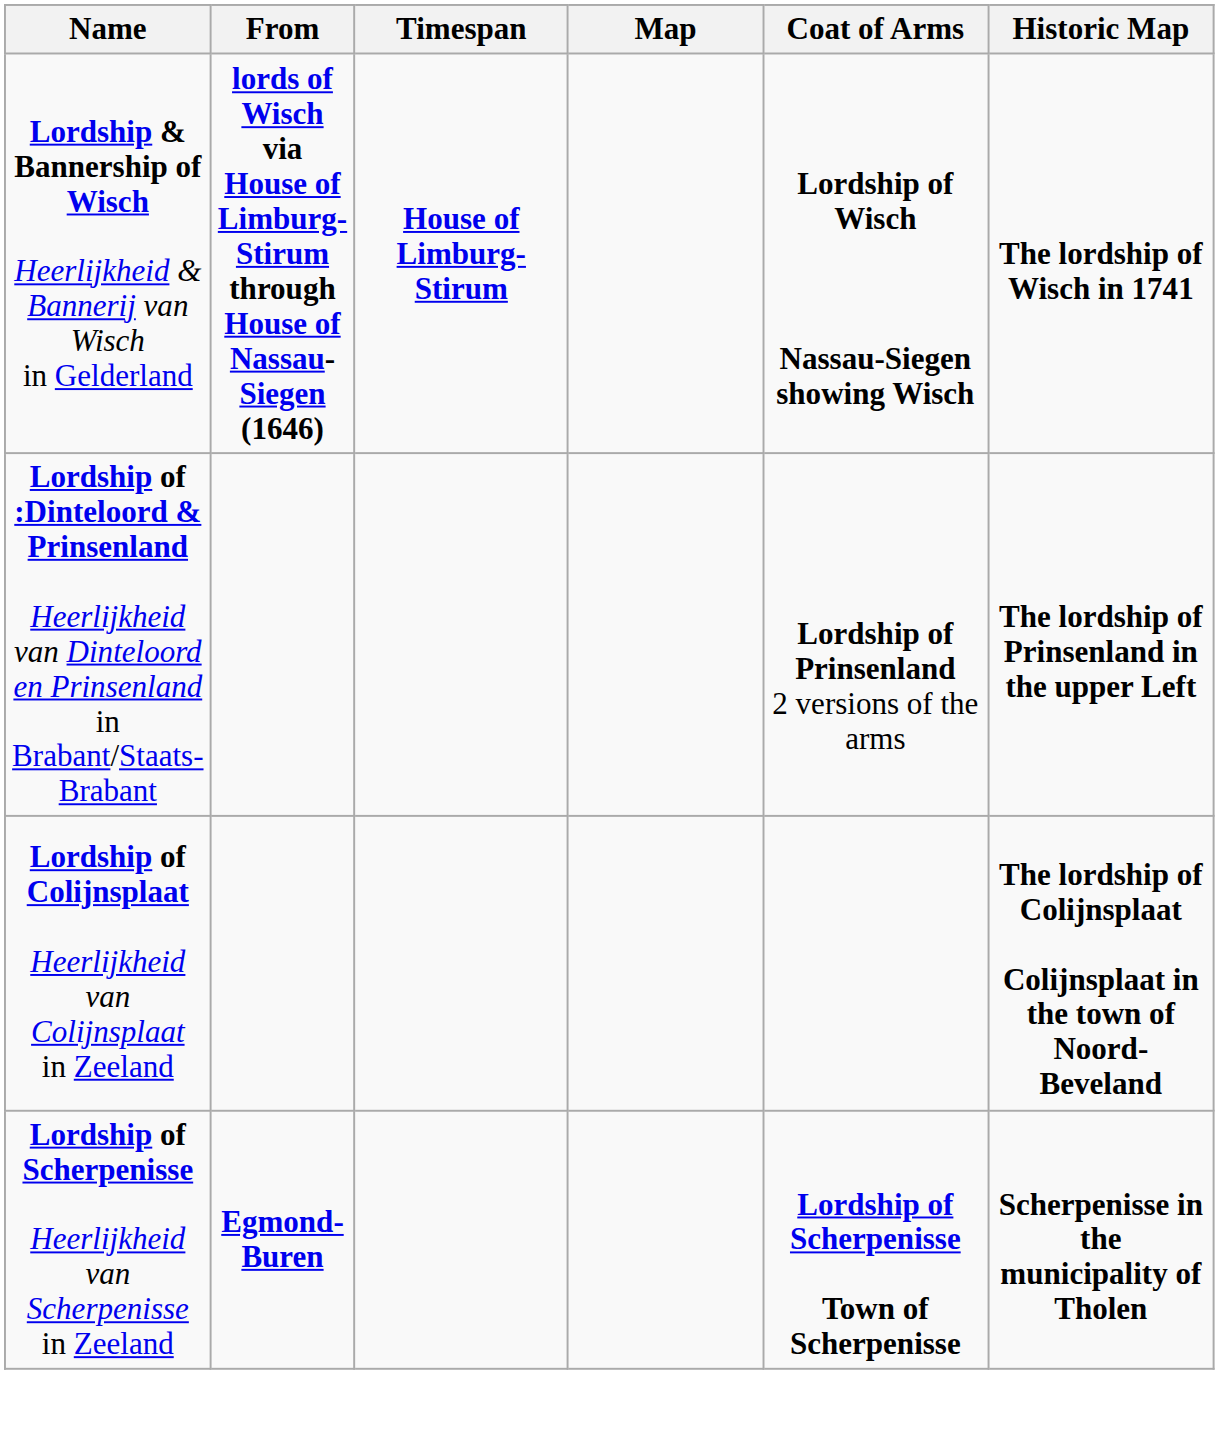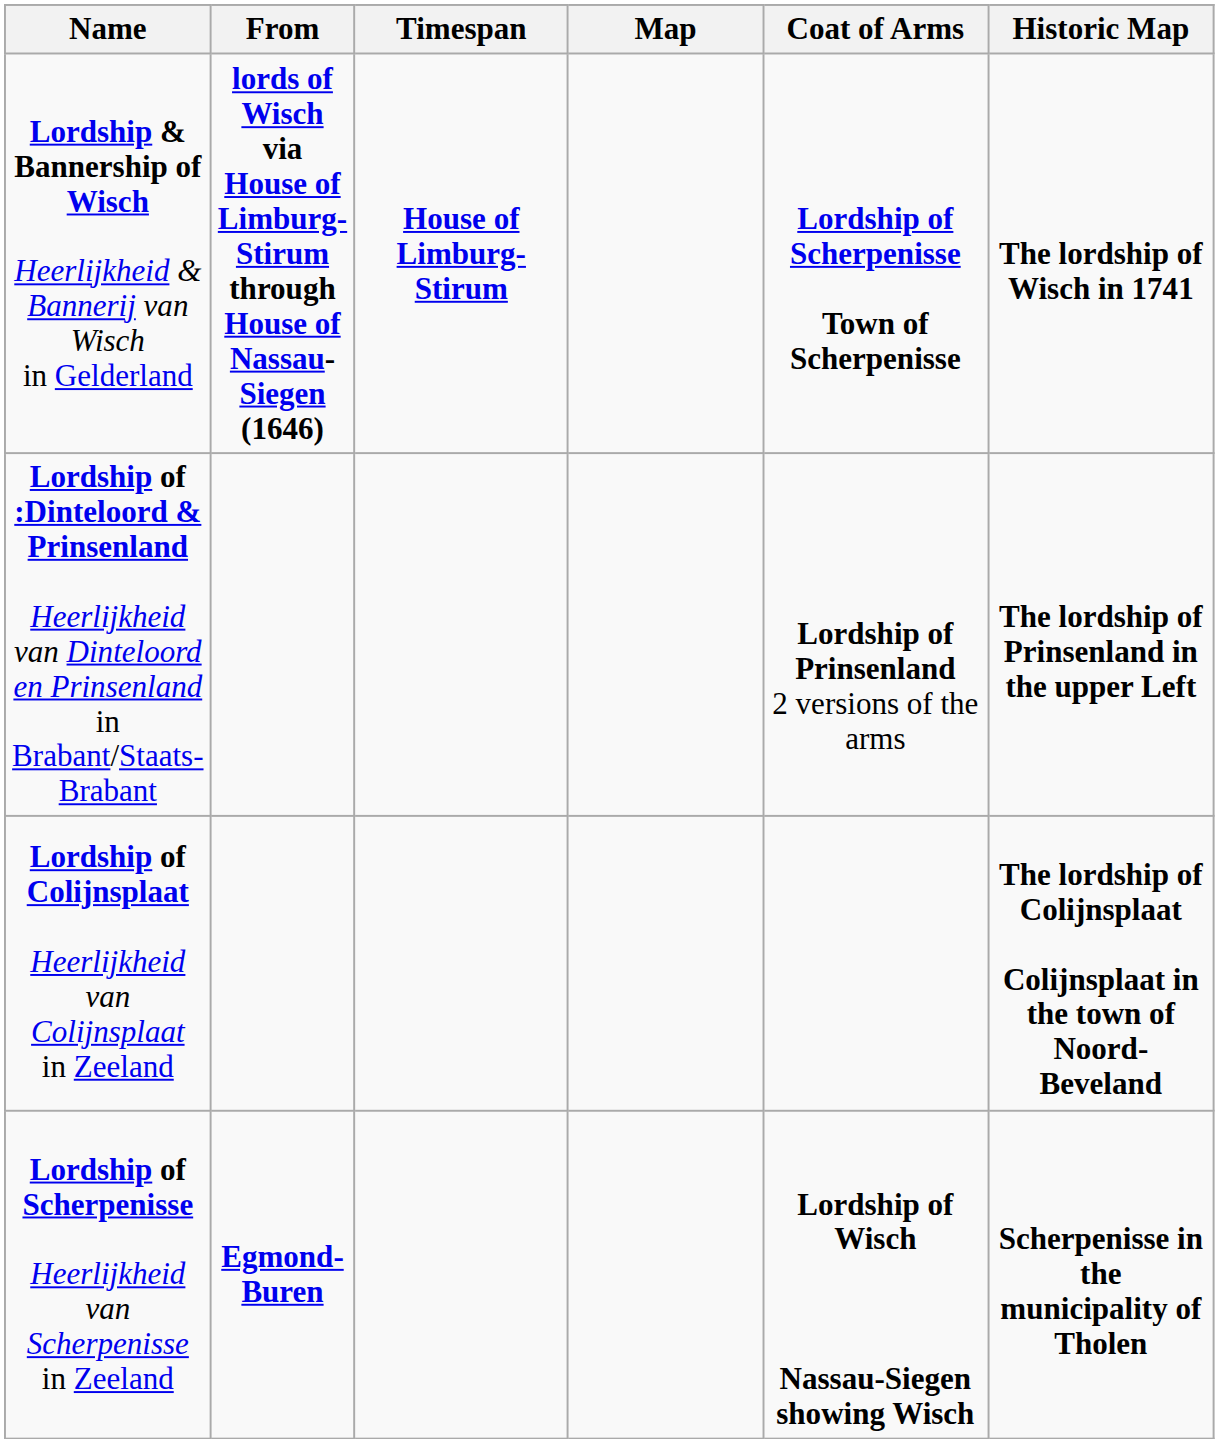 <table class="wikitable" style="text-align:center; width:100%">
 <tr>
 <th width=10%>Name</th>
 <th width=10%>From</th>
 <th width=20%>Timespan</th>
 <th width=20%>Map</th>
 <th width=20%>Coat of Arms</th>
 <th width=20%>Historic Map</th>
 </tr>
 <tr>
 <td><strong><a href='#'>Lordship</a> & Bannership of <a href='#'>Wisch</a></strong><br><br><em><a href='#'>Heerlijkheid</a> & <a href='#'>Bannerij</a> van Wisch</em><br>in <a href='#'>Gelderland</a></td>
 <td><strong><a href='#'>lords of Wisch</a> via <a href='#'>House of Limburg-Stirum</a> through <a href='#'>House of Nassau</a>-<a href='#'>Siegen</a> (1646)</strong></td>
 <td><strong><a href='#'>House of Limburg-Stirum</a></strong><br></td>
 <td></td>
-<td><br><br><strong>Lordship of Wisch</strong><br><br> <br><br><strong>Nassau-Siegen showing Wisch</strong></td>
+<td><br><br><strong><a href='#'>Lordship of Scherpenisse</a></strong><br><br><strong>Town of Scherpenisse</strong></td>
 <td><br><strong>The lordship of Wisch in 1741</strong><br></td>
 </tr>
 <tr>
 <td><strong><a href='#'>Lordship</a> of <a href='#'>:Dinteloord & Prinsenland</a></strong><br><br><em><a href='#'>Heerlijkheid</a> van <a href='#'>Dinteloord en Prinsenland</a></em><br>in <a href='#'>Brabant</a>/<a href='#'>Staats-Brabant</a></td>
 <td></td>
 <td><br><br></td>
 <td></td>
 <td><br><br><br><strong>Lordship of Prinsenland</strong><br> 2 versions of the arms</td>
 <td><br><strong>The lordship of Prinsenland in the upper Left</strong></td>
 </tr>
 <tr>
 <td><strong><a href='#'>Lordship</a> of <a href='#'>Colijnsplaat</a></strong><br><br><em><a href='#'>Heerlijkheid</a> van <a href='#'>Colijnsplaat</a></em><br>in <a href='#'>Zeeland</a></td>
 <td></td>
 <td><br><br></td>
 <td></td>
 <td><br></td>
 <td><br><strong>The lordship of Colijnsplaat</strong><br><br><strong>Colijnsplaat in the town of Noord-Beveland</strong></td>
 </tr>
 <tr>
 <td><strong><a href='#'>Lordship</a> of <a href='#'>Scherpenisse</a></strong><br><br><em><a href='#'>Heerlijkheid</a> van <a href='#'>Scherpenisse</a></em><br>in <a href='#'>Zeeland</a></td>
 <td><strong><a href='#'>Egmond-Buren</a></strong></td>
 <td></td>
 <td></td>
-<td><br><br><strong><a href='#'>Lordship of Scherpenisse</a></strong><br><br><strong>Town of Scherpenisse</strong></td>
+<td><br><br><strong>Lordship of Wisch</strong><br><br> <br><br><strong>Nassau-Siegen showing Wisch</strong></td>
 <td><br><strong>Scherpenisse in the municipality of Tholen</strong></td>
 </tr>
 </table>
